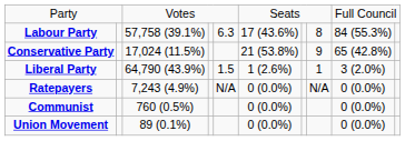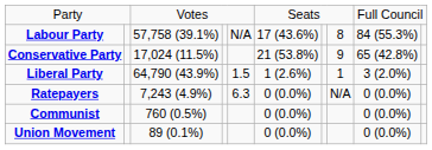 <table class=wikitable style="text-align:center;">
 <tr>
 <td colspan=2>Party</td>
 <td colspan=3>Votes</td>
 <td colspan=3>Seats</td>
 <td colspan=3>Full Council</td>
 </tr>
 <tr>
 <td><strong><a href='#'>Labour Party</a></strong></td>
 <td style="background:"></td>
 <td>57,758 (39.1%)</td>
 <td></td>
-<td> 6.3</td>
+<td>N/A</td>
 <td>17 (43.6%)</td>
 <td></td>
 <td> 8</td>
 <td>84 (55.3%)</td>
 <td></td>
 </tr>
 <tr>
 <td><strong><a href='#'>Conservative Party</a></strong></td>
 <td style="background:"></td>
 <td>17,024 (11.5%)</td>
 <td></td>
 <td></td>
 <td>21 (53.8%)</td>
 <td></td>
 <td> 9</td>
 <td>65 (42.8%)</td>
 <td></td>
 </tr>
 <tr>
 <td><strong><a href='#'>Liberal Party</a></strong></td>
 <td style="background:"></td>
 <td>64,790 (43.9%)</td>
 <td></td>
 <td> 1.5</td>
 <td>1 (2.6%)</td>
 <td></td>
 <td> 1</td>
 <td>3 (2.0%)</td>
 <td></td>
 </tr>
 <tr>
 <td><strong><a href='#'>Ratepayers</a></strong></td>
 <td style="background:"></td>
 <td>7,243 (4.9%)</td>
 <td></td>
-<td>N/A</td>
+<td> 6.3</td>
 <td>0 (0.0%)</td>
 <td></td>
 <td>N/A</td>
 <td>0 (0.0%)</td>
 <td></td>
 </tr>
 <tr>
 <td><strong><a href='#'>Communist</a></strong></td>
 <td style="background:"></td>
 <td>760 (0.5%)</td>
 <td></td>
 <td></td>
 <td>0 (0.0%)</td>
 <td></td>
 <td></td>
 <td>0 (0.0%)</td>
 <td></td>
 </tr>
 <tr>
 <td><strong><a href='#'>Union Movement</a></strong></td>
 <td style="background:"></td>
 <td>89 (0.1%)</td>
 <td></td>
 <td></td>
 <td>0 (0.0%)</td>
 <td></td>
 <td></td>
 <td>0 (0.0%)</td>
 <td></td>
 </tr>
 </table>
